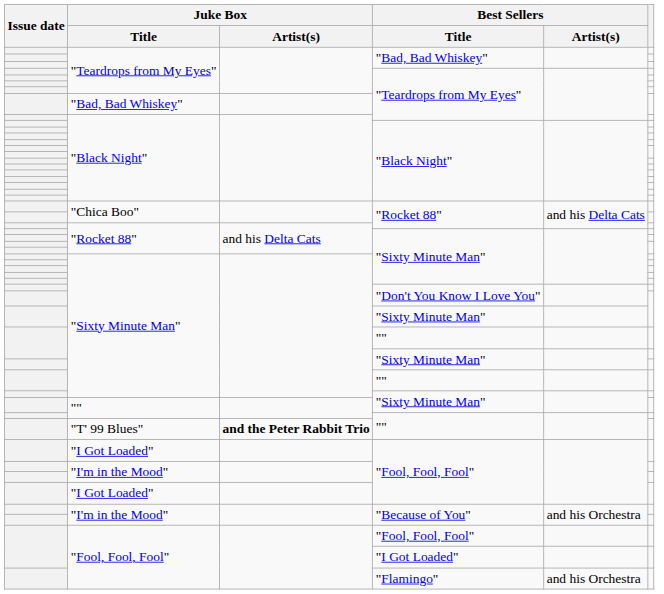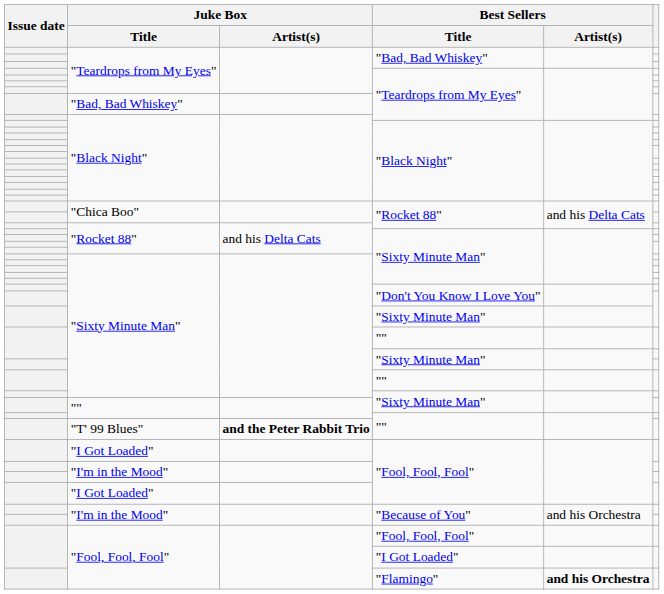 <table class="wikitable sortable plainrowheaders">
 <tr>
 <th scope=col rowspan=2>Issue date</th>
 <th scope=col colspan=2>Juke Box</th>
 <th scope=col colspan=2>Best Sellers</th>
 <th scope=col rowspan=2 class=unsortable></th>
 </tr>
 <tr>
 <th scope=col>Title</th>
 <th scope=col>Artist(s)</th>
 <th scope=col>Title</th>
 <th scope=col>Artist(s)</th>
 </tr>
 <tr>
 <th scope=row></th>
 <td rowspan=7>"<a href='#'>Teardrops from My Eyes</a>"</td>
 <td rowspan=7></td>
 <td rowspan=3>"<a href='#'>Bad, Bad Whiskey</a>"</td>
 <td rowspan=3></td>
 <td align=center></td>
 </tr>
 <tr>
 <th scope=row></th>
 <td align=center></td>
 </tr>
 <tr>
 <th scope=row></th>
 <td align=center></td>
 </tr>
 <tr>
 <th scope=row></th>
 <td rowspan=6>"<a href='#'>Teardrops from My Eyes</a>"</td>
 <td rowspan=6></td>
 <td align=center></td>
 </tr>
 <tr>
 <th scope=row></th>
 <td align=center></td>
 </tr>
 <tr>
 <th scope=row></th>
 <td align=center></td>
 </tr>
 <tr>
 <th scope=row></th>
 <td align=center></td>
 </tr>
 <tr>
 <th scope=row></th>
 <td rowspan=1>"<a href='#'>Bad, Bad Whiskey</a>"</td>
 <td rowspan=1></td>
 <td align=center></td>
 </tr>
 <tr>
 <th scope=row></th>
 <td rowspan=14>"<a href='#'>Black Night</a>"</td>
 <td rowspan=14></td>
 <td align=center></td>
 </tr>
 <tr>
 <th scope=row></th>
 <td rowspan=13>"<a href='#'>Black Night</a>"</td>
 <td rowspan=13></td>
 <td align=center></td>
 </tr>
 <tr>
 <th scope=row></th>
 <td align=center></td>
 </tr>
 <tr>
 <th scope=row></th>
 <td align=center></td>
 </tr>
 <tr>
 <th scope=row></th>
 <td align=center></td>
 </tr>
 <tr>
 <th scope=row></th>
 <td align=center rowspan=2></td>
 </tr>
 <tr>
 <th scope=row></th>
 </tr>
 <tr>
 <th scope=row></th>
 <td align=center></td>
 </tr>
 <tr>
 <th scope=row></th>
 <td align=center></td>
 </tr>
 <tr>
 <th scope=row></th>
 <td align=center></td>
 </tr>
 <tr>
 <th scope=row></th>
 <td align=center></td>
 </tr>
 <tr>
 <th scope=row></th>
 <td align=center></td>
 </tr>
 <tr>
 <th scope=row></th>
 <td align=center></td>
 </tr>
 <tr>
 <th scope=row></th>
 <td align=center></td>
 </tr>
 <tr>
 <th scope=row></th>
 <td rowspan=2>"Chica Boo"</td>
 <td rowspan=2></td>
 <td rowspan=3>"<a href='#'>Rocket 88</a>"</td>
 <td rowspan=3> and his <a href='#'>Delta Cats</a></td>
 <td align=center></td>
 </tr>
 <tr>
 <th scope=row></th>
 <td align=center></td>
 </tr>
 <tr>
 <th scope=row></th>
 <td rowspan=5>"<a href='#'>Rocket 88</a>"</td>
 <td rowspan=5> and his <a href='#'>Delta Cats</a></td>
 <td align=center></td>
 </tr>
 <tr>
 <th scope=row></th>
 <td rowspan=9>"<a href='#'>Sixty Minute Man</a>"</td>
 <td rowspan=9></td>
 <td align=center></td>
 </tr>
 <tr>
 <th scope=row></th>
 <td align=center></td>
 </tr>
 <tr>
 <th scope=row></th>
 <td align=center rowspan=2></td>
 </tr>
 <tr>
 <th scope=row></th>
 </tr>
 <tr>
 <th scope=row></th>
 <td rowspan=13>"<a href='#'>Sixty Minute Man</a>"</td>
 <td rowspan=13></td>
 <td align=center></td>
 </tr>
 <tr>
 <th scope=row></th>
 <td align=center></td>
 </tr>
 <tr>
 <th scope=row></th>
 <td align=center></td>
 </tr>
 <tr>
 <th scope=row></th>
 <td align=center></td>
 </tr>
 <tr>
 <th scope=row></th>
 <td align=center></td>
 </tr>
 <tr>
 <th scope=row></th>
 <td rowspan=2>"<a href='#'>Don't You Know I Love You</a>"</td>
 <td rowspan=2></td>
 <td align=center></td>
 </tr>
 <tr>
 <th scope=row></th>
 <td align=center rowspan=2></td>
 </tr>
 <tr>
 <th scope=row></th>
 <td rowspan=1>"<a href='#'>Sixty Minute Man</a>"</td>
 <td rowspan=1></td>
 </tr>
 <tr>
 <th scope=row rowspan=2></th>
 <td>""</td>
 <td></td>
 <td align=center></td>
 </tr>
 <tr>
 <td rowspan=2>"<a href='#'>Sixty Minute Man</a>"</td>
 <td rowspan=2></td>
 <td align=center></td>
 </tr>
 <tr>
 <th scope=row></th>
 <td align=center></td>
 </tr>
 <tr>
 <th scope=row></th>
 <td rowspan=1>""</td>
 <td rowspan=1></td>
 <td align=center></td>
 </tr>
 <tr>
 <th scope=row></th>
 <td rowspan=2>"<a href='#'>Sixty Minute Man</a>"</td>
 <td rowspan=2></td>
 <td align=center></td>
 </tr>
 <tr>
 <th scope=row></th>
 <td rowspan=2>""</td>
 <td rowspan=2></td>
 <td align=center></td>
 </tr>
 <tr>
 <th scope=row></th>
 <td rowspan=2>""</td>
 <td rowspan=2></td>
 <td align=center></td>
 </tr>
 <tr>
 <th scope=row></th>
 <td>"T' 99 Blues"</td>
 <td><strong> and the Peter Rabbit Trio</strong></td>
 <td align=center></td>
 </tr>
 <tr>
 <th scope=row></th>
 <td>"<a href='#'>I Got Loaded</a>"</td>
 <td></td>
 <td rowspan=4>"<a href='#'>Fool, Fool, Fool</a>"</td>
 <td rowspan=4></td>
 <td align=center></td>
 </tr>
 <tr>
 <th scope=row></th>
 <td rowspan=2>"<a href='#'>I'm in the Mood</a>"</td>
 <td rowspan=2></td>
 <td align=center></td>
 </tr>
 <tr>
 <th scope=row></th>
 <td align=center></td>
 </tr>
 <tr>
 <th scope=row></th>
 <td>"<a href='#'>I Got Loaded</a>"</td>
 <td></td>
 <td align=center></td>
 </tr>
 <tr>
 <th scope=row></th>
 <td rowspan=2>"<a href='#'>I'm in the Mood</a>"</td>
 <td rowspan=2></td>
 <td rowspan=2>"<a href='#'>Because of You</a>"</td>
 <td rowspan=2> and his Orchestra</td>
 <td align=center></td>
 </tr>
 <tr>
 <th scope=row></th>
 <td align=center></td>
 </tr>
 <tr>
 <th scope=row rowspan=2></th>
 <td rowspan=3>"<a href='#'>Fool, Fool, Fool</a>"</td>
 <td rowspan=3></td>
 <td rowspan=1>"<a href='#'>Fool, Fool, Fool</a>"</td>
 <td rowspan=1></td>
 <td align=center></td>
 </tr>
 <tr>
 <td>"<a href='#'>I Got Loaded</a>"</td>
 <td></td>
 <td align=center></td>
 </tr>
 <tr>
 <th scope=row></th>
 <td>"<a href='#'>Flamingo</a>"</td>
-<td> and his Orchestra</td>
+<td><strong> and his Orchestra</strong></td>
 <td align=center></td>
 </tr>
 </table>
